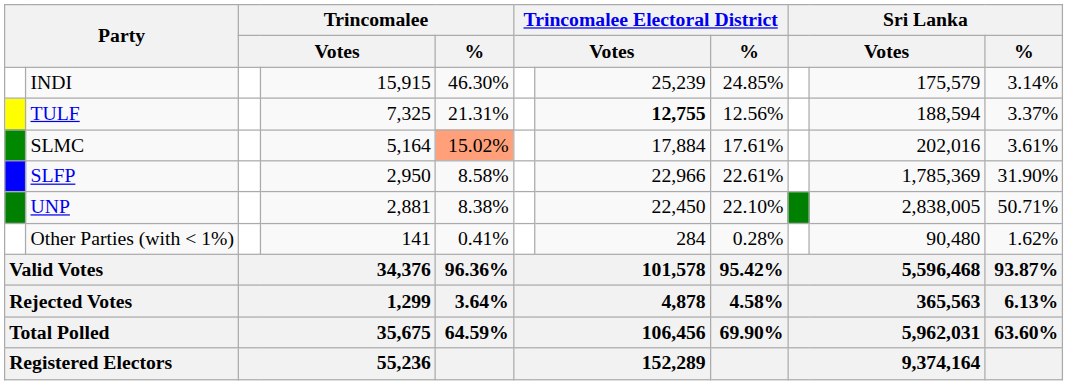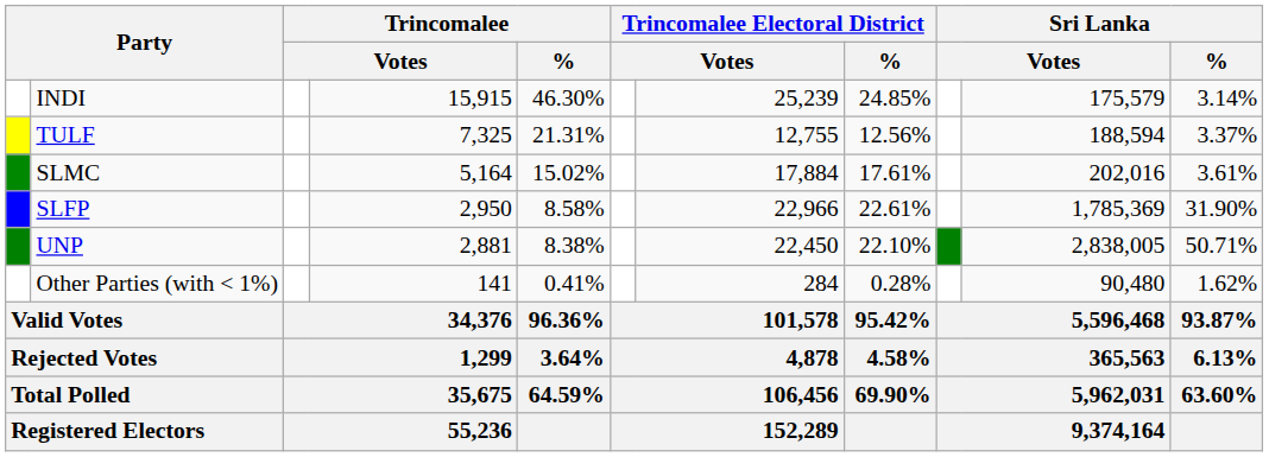 <table class="wikitable">
 <tr>
 <th colspan="2" width="144px"rowspan="2">Party</th>
 <th colspan="3" width="216px">Trincomalee</th>
 <th colspan="3" width="216px"><a href='#'>Trincomalee Electoral District</a></th>
 <th colspan="3" width="216px">Sri Lanka</th>
 </tr>
 <tr>
 <th colspan="2" width="144px">Votes</th>
 <th>%</th>
 <th colspan="2" width="144px">Votes</th>
 <th>%</th>
 <th colspan="2" width="144px">Votes</th>
 <th>%</th>
 </tr>
 <tr>
 <td style="background-color:white;" width="10px"></td>
 <td style="text-align:left;">INDI</td>
 <td style="background-color:white;" width="10px"></td>
 <td style="text-align:right;">15,915</td>
 <td style="text-align:right;">46.30%</td>
 <td style="background-color:white;" width="10px"></td>
 <td style="text-align:right;">25,239</td>
 <td style="text-align:right;">24.85%</td>
 <td style="background-color:white;" width="10px"></td>
 <td style="text-align:right;">175,579</td>
 <td style="text-align:right;">3.14%</td>
 </tr>
 <tr>
 <td style="background-color:yellow;" width="10px"></td>
 <td style="text-align:left;"><a href='#'>TULF</a></td>
 <td style="background-color:white;" width="10px"></td>
 <td style="text-align:right;">7,325</td>
 <td style="text-align:right;">21.31%</td>
 <td style="background-color:white;" width="10px"></td>
-<td style="text-align:right;"><strong>12,755</strong></td>
+<td style="text-align:right;">12,755</td>
 <td style="text-align:right;">12.56%</td>
 <td style="background-color:white;" width="10px"></td>
 <td style="text-align:right;">188,594</td>
 <td style="text-align:right;">3.37%</td>
 </tr>
 <tr>
 <td style="background-color:#008800;" width="10px"></td>
 <td style="text-align:left;">SLMC</td>
 <td style="background-color:white;" width="10px"></td>
 <td style="text-align:right;">5,164</td>
-<td style="background: lightsalmon; text-align:right;">15.02%</td>
+<td style="text-align:right;">15.02%</td>
 <td style="background-color:white;" width="10px"></td>
 <td style="text-align:right;">17,884</td>
 <td style="text-align:right;">17.61%</td>
 <td style="background-color:white;" width="10px"></td>
 <td style="text-align:right;">202,016</td>
 <td style="text-align:right;">3.61%</td>
 </tr>
 <tr>
 <td style="background-color:blue;" width="10px"></td>
 <td style="text-align:left;"><a href='#'>SLFP</a></td>
 <td style="background-color:white;" width="10px"></td>
 <td style="text-align:right;">2,950</td>
 <td style="text-align:right;">8.58%</td>
 <td style="background-color:white;" width="10px"></td>
 <td style="text-align:right;">22,966</td>
 <td style="text-align:right;">22.61%</td>
 <td style="background-color:white;" width="10px"></td>
 <td style="text-align:right;">1,785,369</td>
 <td style="text-align:right;">31.90%</td>
 </tr>
 <tr>
 <td style="background-color:green;" width="10px"></td>
 <td style="text-align:left;"><a href='#'>UNP</a></td>
 <td style="background-color:white;" width="10px"></td>
 <td style="text-align:right;">2,881</td>
 <td style="text-align:right;">8.38%</td>
 <td style="background-color:white;" width="10px"></td>
 <td style="text-align:right;">22,450</td>
 <td style="text-align:right;">22.10%</td>
 <td style="background-color:green;" width="10px"></td>
 <td style="text-align:right;">2,838,005</td>
 <td style="text-align:right;">50.71%</td>
 </tr>
 <tr>
 <td style="background-color:white;" width="10px"></td>
 <td style="text-align:left;">Other Parties (with < 1%)</td>
 <td style="background-color:white;" width="10px"></td>
 <td style="text-align:right;">141</td>
 <td style="text-align:right;">0.41%</td>
 <td style="background-color:white;" width="10px"></td>
 <td style="text-align:right;">284</td>
 <td style="text-align:right;">0.28%</td>
 <td style="background-color:white;" width="10px"></td>
 <td style="text-align:right;">90,480</td>
 <td style="text-align:right;">1.62%</td>
 </tr>
 <tr>
 <th colspan="2" width="144px"style="text-align:left;">Valid Votes</th>
 <th style="text-align:right;"colspan="2" width="144px">34,376</th>
 <th style="text-align:right;">96.36%</th>
 <th style="text-align:right;"colspan="2" width="144px">101,578</th>
 <th style="text-align:right;">95.42%</th>
 <th style="text-align:right;"colspan="2" width="144px">5,596,468</th>
 <th style="text-align:right;">93.87%</th>
 </tr>
 <tr>
 <th colspan="2" width="144px"style="text-align:left;">Rejected Votes</th>
 <th style="text-align:right;"colspan="2" width="144px">1,299</th>
 <th style="text-align:right;">3.64%</th>
 <th style="text-align:right;"colspan="2" width="144px">4,878</th>
 <th style="text-align:right;">4.58%</th>
 <th style="text-align:right;"colspan="2" width="144px">365,563</th>
 <th style="text-align:right;">6.13%</th>
 </tr>
 <tr>
 <th colspan="2" width="144px"style="text-align:left;">Total Polled</th>
 <th style="text-align:right;"colspan="2" width="144px">35,675</th>
 <th style="text-align:right;">64.59%</th>
 <th style="text-align:right;"colspan="2" width="144px">106,456</th>
 <th style="text-align:right;">69.90%</th>
 <th style="text-align:right;"colspan="2" width="144px">5,962,031</th>
 <th style="text-align:right;">63.60%</th>
 </tr>
 <tr>
 <th colspan="2" width="144px"style="text-align:left;">Registered Electors</th>
 <th style="text-align:right;"colspan="2" width="144px">55,236</th>
 <th></th>
 <th style="text-align:right;"colspan="2" width="144px">152,289</th>
 <th></th>
 <th style="text-align:right;"colspan="2" width="144px">9,374,164</th>
 <th></th>
 </tr>
 </table>
